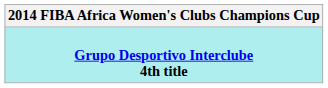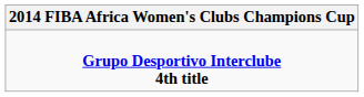 <table class=wikitable style="text-align:center; margin:auto">
 <tr>
 <th>2014 FIBA Africa Women's Clubs Champions Cup</th>
 </tr>
 <tr>
-<td style="background: paleturquoise;"><br><strong><a href='#'>Grupo Desportivo Interclube</a></strong><br><strong>4th title</strong></td>
+<td><br><strong><a href='#'>Grupo Desportivo Interclube</a></strong><br><strong>4th title</strong></td>
 </tr>
 </table>
